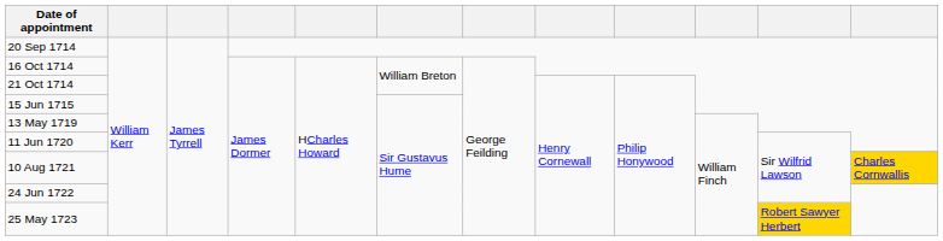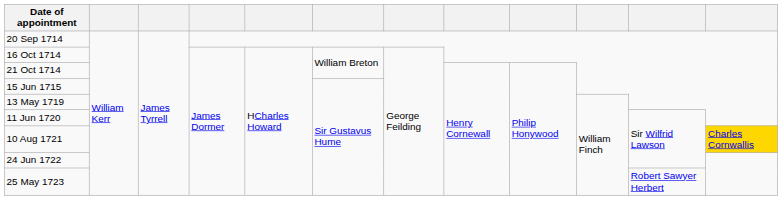 <table class="wikitable">
 <tr>
 <th>Date of appointment</th>
 <th></th>
 <th></th>
 <th></th>
 <th></th>
 <th></th>
 <th></th>
 <th></th>
 <th></th>
 <th></th>
 <th></th>
 <th></th>
 </tr>
 <tr>
 <td>20 Sep 1714</td>
 <td rowspan=9><a href='#'>William Kerr</a></td>
 <td rowspan=9><a href='#'>James Tyrrell</a></td>
 </tr>
 <tr>
 <td>16 Oct 1714</td>
 <td rowspan=8><a href='#'>James Dormer</a> </td>
 <td rowspan=8>H<a href='#'>Charles Howard</a></td>
 <td rowspan=2>William Breton </td>
 <td rowspan=8>George Feilding</td>
 </tr>
 <tr>
 <td>21 Oct 1714</td>
 <td rowspan=7><a href='#'>Henry Cornewall</a></td>
 <td rowspan=7><a href='#'>Philip Honywood</a></td>
 </tr>
 <tr>
 <td>15 Jun 1715</td>
 <td rowspan=6><a href='#'>Sir Gustavus Hume</a></td>
 </tr>
 <tr>
 <td>13 May 1719</td>
 <td rowspan=5>William Finch</td>
 </tr>
 <tr>
 <td>11 Jun 1720</td>
 <td rowspan=3>Sir <a href='#'>Wilfrid Lawson</a></td>
 </tr>
 <tr>
 <td>10 Aug 1721</td>
 <td style="background: gold;"><a href='#'>Charles Cornwallis</a></td>
 </tr>
 <tr>
 <td>24 Jun 1722</td>
 <td rowspan=2></td>
 </tr>
 <tr>
 <td>25 May 1723</td>
-<td style="background: gold;"><a href='#'>Robert Sawyer Herbert</a></td>
+<td><a href='#'>Robert Sawyer Herbert</a></td>
 </tr>
 </table>
